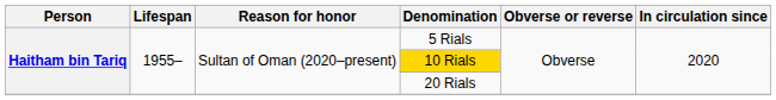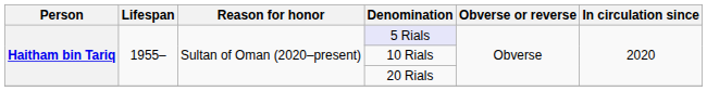 <table class="wikitable" style="font-size: 95%; text-align:center;">
 <tr>
 <th>Person</th>
 <th>Lifespan</th>
 <th>Reason for honor</th>
 <th>Denomination</th>
 <th>Obverse or reverse</th>
 <th>In circulation since</th>
 </tr>
 <tr>
 <th rowspan = 3><a href='#'>Haitham bin Tariq</a></th>
 <td rowspan = 3>1955–</td>
 <td rowspan = 3>Sultan of Oman (2020–present)</td>
-<td>5 Rials</td>
+<td style="background: lavender;">5 Rials</td>
 <td rowspan = 3>Obverse</td>
 <td rowspan = 3>2020</td>
 </tr>
 <tr>
-<td style="background: gold;">10 Rials</td>
+<td>10 Rials</td>
 </tr>
 <tr>
 <td>20 Rials</td>
 </tr>
 <tr>
 </tr>
 </table>
